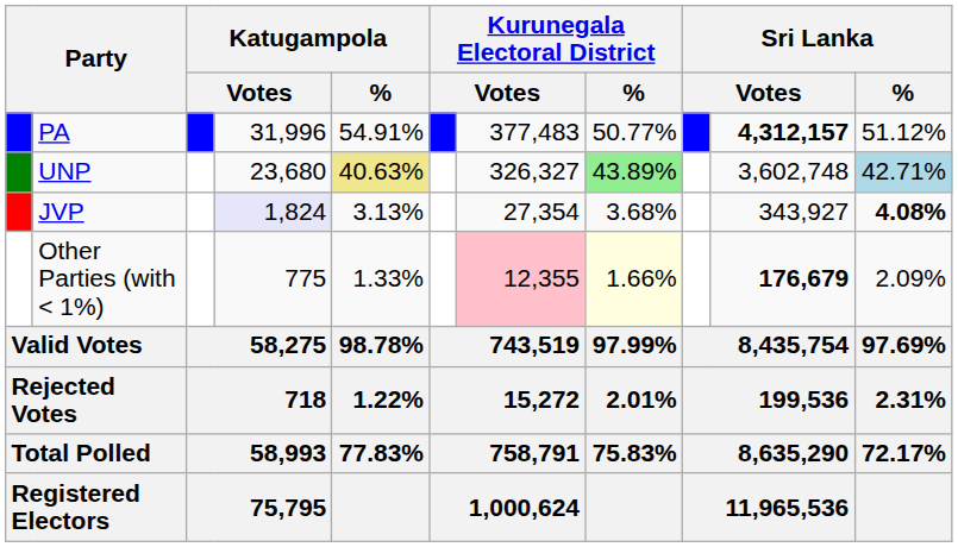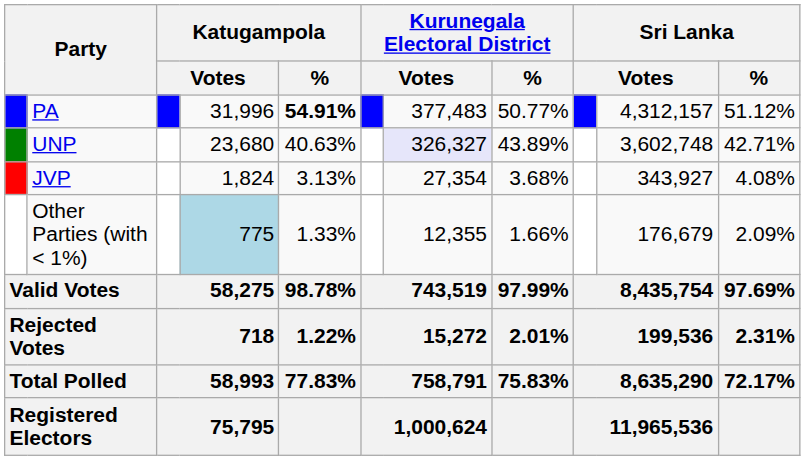 <table class="wikitable">
 <tr>
 <th colspan="2" width="144px"rowspan="2">Party</th>
 <th colspan="3" width="216px">Katugampola</th>
 <th colspan="3" width="216px"><a href='#'>Kurunegala Electoral District</a></th>
 <th colspan="3" width="216px">Sri Lanka</th>
 </tr>
 <tr>
 <th colspan="2" width="144px">Votes</th>
 <th>%</th>
 <th colspan="2" width="144px">Votes</th>
 <th>%</th>
 <th colspan="2" width="144px">Votes</th>
 <th>%</th>
 </tr>
 <tr>
 <td style="background-color:blue;" width="10px"></td>
 <td style="text-align:left;"><a href='#'>PA</a></td>
 <td style="background-color:blue;" width="10px"></td>
 <td style="text-align:right;">31,996</td>
-<td style="text-align:right;">54.91%</td>
+<td style="text-align:right;"><strong>54.91%</strong></td>
 <td style="background-color:blue;" width="10px"></td>
 <td style="text-align:right;">377,483</td>
 <td style="text-align:right;">50.77%</td>
 <td style="background-color:blue;" width="10px"></td>
-<td style="text-align:right;"><strong>4,312,157</strong></td>
+<td style="text-align:right;">4,312,157</td>
 <td style="text-align:right;">51.12%</td>
 </tr>
 <tr>
 <td style="background-color:green;" width="10px"></td>
 <td style="text-align:left;"><a href='#'>UNP</a></td>
 <td style="background-color:white;" width="10px"></td>
 <td style="text-align:right;">23,680</td>
-<td style="background: khaki; text-align:right;">40.63%</td>
+<td style="text-align:right;">40.63%</td>
 <td style="background-color:white;" width="10px"></td>
-<td style="text-align:right;">326,327</td>
-<td style="background: lightgreen; text-align:right;">43.89%</td>
+<td style="background: lavender; text-align:right;">326,327</td>
+<td style="text-align:right;">43.89%</td>
 <td style="background-color:white;" width="10px"></td>
 <td style="text-align:right;">3,602,748</td>
-<td style="background: lightblue; text-align:right;">42.71%</td>
+<td style="text-align:right;">42.71%</td>
 </tr>
 <tr>
 <td style="background-color:red;" width="10px"></td>
 <td style="text-align:left;"><a href='#'>JVP</a></td>
 <td style="background-color:white;" width="10px"></td>
-<td style="background: lavender; text-align:right;">1,824</td>
+<td style="text-align:right;">1,824</td>
 <td style="text-align:right;">3.13%</td>
 <td style="background-color:white;" width="10px"></td>
 <td style="text-align:right;">27,354</td>
 <td style="text-align:right;">3.68%</td>
 <td style="background-color:white;" width="10px"></td>
 <td style="text-align:right;">343,927</td>
-<td style="text-align:right;"><strong>4.08%</strong></td>
+<td style="text-align:right;">4.08%</td>
 </tr>
 <tr>
 <td style="background-color:white;" width="10px"></td>
 <td style="text-align:left;">Other Parties (with < 1%)</td>
 <td style="background-color:white;" width="10px"></td>
-<td style="text-align:right;">775</td>
+<td style="background: lightblue; text-align:right;">775</td>
 <td style="text-align:right;">1.33%</td>
 <td style="background-color:white;" width="10px"></td>
-<td style="background: pink; text-align:right;">12,355</td>
-<td style="background: lightyellow; text-align:right;">1.66%</td>
+<td style="text-align:right;">12,355</td>
+<td style="text-align:right;">1.66%</td>
 <td style="background-color:white;" width="10px"></td>
-<td style="text-align:right;"><strong>176,679</strong></td>
+<td style="text-align:right;">176,679</td>
 <td style="text-align:right;">2.09%</td>
 </tr>
 <tr>
 <th colspan="2" width="144px"style="text-align:left;">Valid Votes</th>
 <th style="text-align:right;"colspan="2" width="144px">58,275</th>
 <th style="text-align:right;">98.78%</th>
 <th style="text-align:right;"colspan="2" width="144px">743,519</th>
 <th style="text-align:right;">97.99%</th>
 <th style="text-align:right;"colspan="2" width="144px">8,435,754</th>
 <th style="text-align:right;">97.69%</th>
 </tr>
 <tr>
 <th colspan="2" width="144px"style="text-align:left;">Rejected Votes</th>
 <th style="text-align:right;"colspan="2" width="144px">718</th>
 <th style="text-align:right;">1.22%</th>
 <th style="text-align:right;"colspan="2" width="144px">15,272</th>
 <th style="text-align:right;">2.01%</th>
 <th style="text-align:right;"colspan="2" width="144px">199,536</th>
 <th style="text-align:right;">2.31%</th>
 </tr>
 <tr>
 <th colspan="2" width="144px"style="text-align:left;">Total Polled</th>
 <th style="text-align:right;"colspan="2" width="144px">58,993</th>
 <th style="text-align:right;">77.83%</th>
 <th style="text-align:right;"colspan="2" width="144px">758,791</th>
 <th style="text-align:right;">75.83%</th>
 <th style="text-align:right;"colspan="2" width="144px">8,635,290</th>
 <th style="text-align:right;">72.17%</th>
 </tr>
 <tr>
 <th colspan="2" width="144px"style="text-align:left;">Registered Electors</th>
 <th style="text-align:right;"colspan="2" width="144px">75,795</th>
 <th></th>
 <th style="text-align:right;"colspan="2" width="144px">1,000,624</th>
 <th></th>
 <th style="text-align:right;"colspan="2" width="144px">11,965,536</th>
 <th></th>
 </tr>
 </table>
